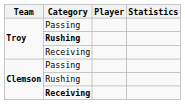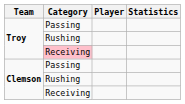 <table class="wikitable" style="float: right;">
 <tr>
 <th>Team</th>
 <th>Category</th>
 <th>Player</th>
 <th>Statistics</th>
 </tr>
 <tr>
 <td rowspan=3><strong>Troy</strong></td>
 <td>Passing</td>
 <td></td>
 <td></td>
 </tr>
 <tr>
-<td><strong>Rushing</strong></td>
+<td>Rushing</td>
 <td></td>
 <td></td>
 </tr>
 <tr>
-<td>Receiving</td>
+<td style="background: pink;">Receiving</td>
 <td></td>
 <td></td>
 </tr>
 <tr>
 <td rowspan=3><strong>Clemson</strong></td>
 <td>Passing</td>
 <td></td>
 <td></td>
 </tr>
 <tr>
 <td>Rushing</td>
 <td></td>
 <td></td>
 </tr>
 <tr>
-<td><strong>Receiving</strong></td>
+<td>Receiving</td>
 <td></td>
 <td></td>
 </tr>
 </table>
